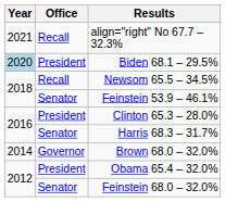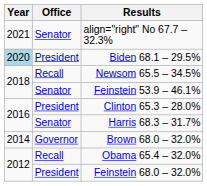 <table class=wikitable>
 <tr>
 <th width="30">Year</th>
 <th width="60">Office</th>
 <th width="180">Results</th>
 </tr>
 <tr>
 <td>2021</td>
-<td><a href='#'>Recall</a></td>
+<td><a href='#'>Senator</a></td>
 <td>align="right"  No 67.7 – 32.3%</td>
 </tr>
 <tr>
 <td rowspan="1" style="background: lightblue;">2020</td>
 <td><a href='#'>President</a></td>
 <td align="right" ><a href='#'>Biden</a> 68.1 – 29.5%</td>
 </tr>
 <tr>
 <td rowspan="2">2018</td>
 <td><a href='#'>Recall</a></td>
 <td align="right" ><a href='#'>Newsom</a> 65.5 – 34.5%</td>
 </tr>
 <tr>
 <td><a href='#'>Senator</a></td>
 <td align="right" ><a href='#'>Feinstein</a> 53.9 – 46.1%</td>
 </tr>
 <tr>
 <td rowspan="2">2016</td>
 <td><a href='#'>President</a></td>
 <td align="right" ><a href='#'>Clinton</a> 65.3 – 28.0%</td>
 </tr>
 <tr>
 <td><a href='#'>Senator</a></td>
 <td align="right" ><a href='#'>Harris</a> 68.3 – 31.7%</td>
 </tr>
 <tr>
 <td>2014</td>
 <td><a href='#'>Governor</a></td>
 <td align="right" ><a href='#'>Brown</a> 68.0 – 32.0%</td>
 </tr>
 <tr>
 <td rowspan="2">2012</td>
-<td><a href='#'>President</a></td>
+<td><a href='#'>Recall</a></td>
 <td align="right" ><a href='#'>Obama</a> 65.4 – 32.0%</td>
 </tr>
 <tr>
-<td><a href='#'>Senator</a></td>
+<td><a href='#'>President</a></td>
 <td align="right" ><a href='#'>Feinstein</a> 68.0 – 32.0%</td>
 </tr>
 </table>
